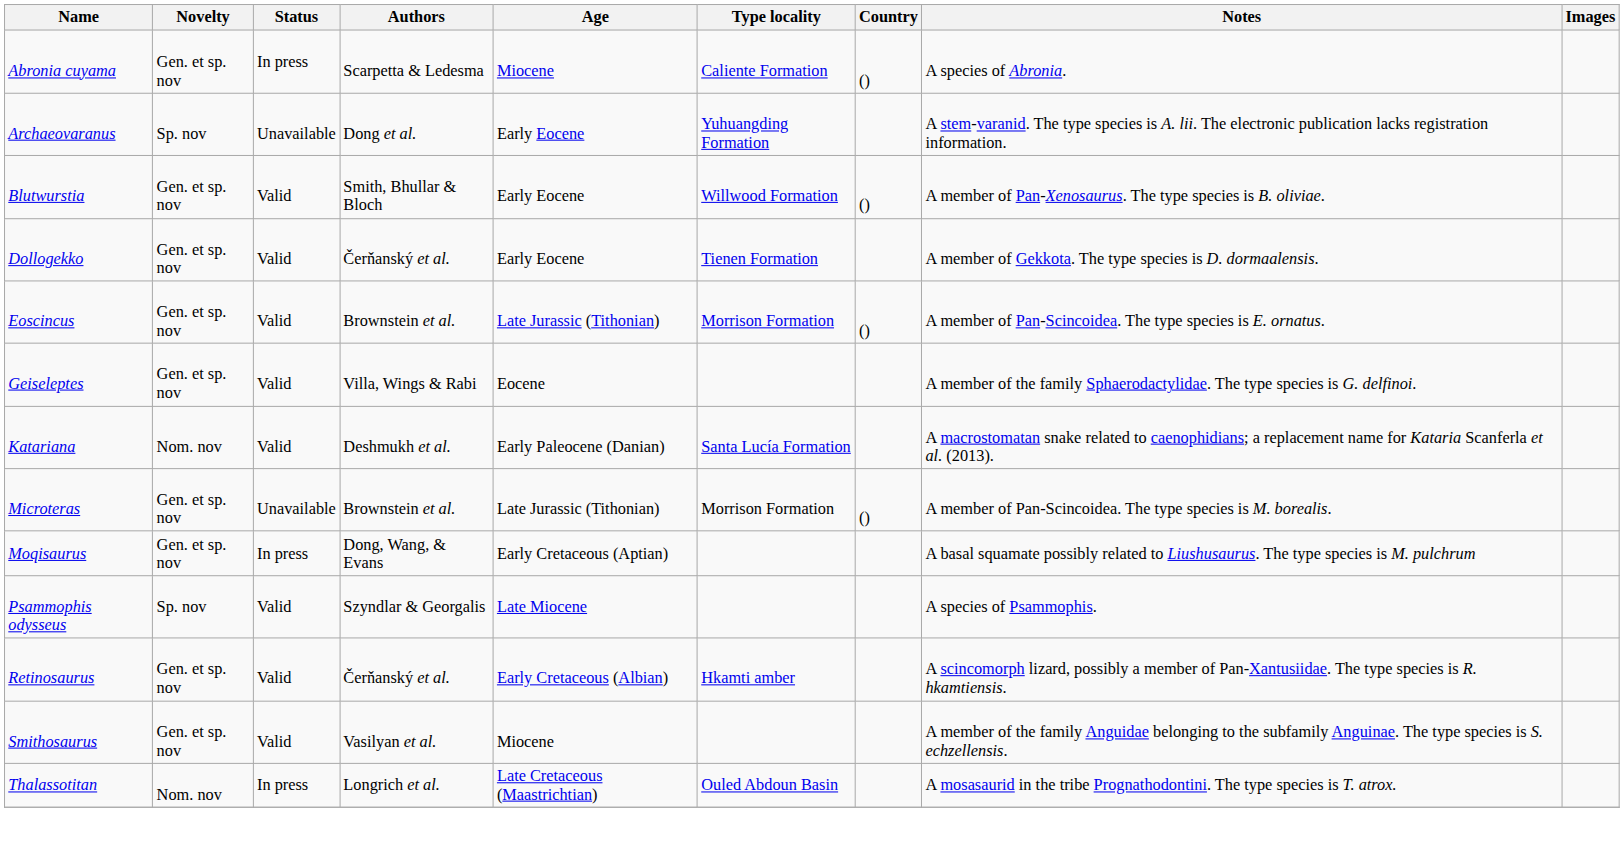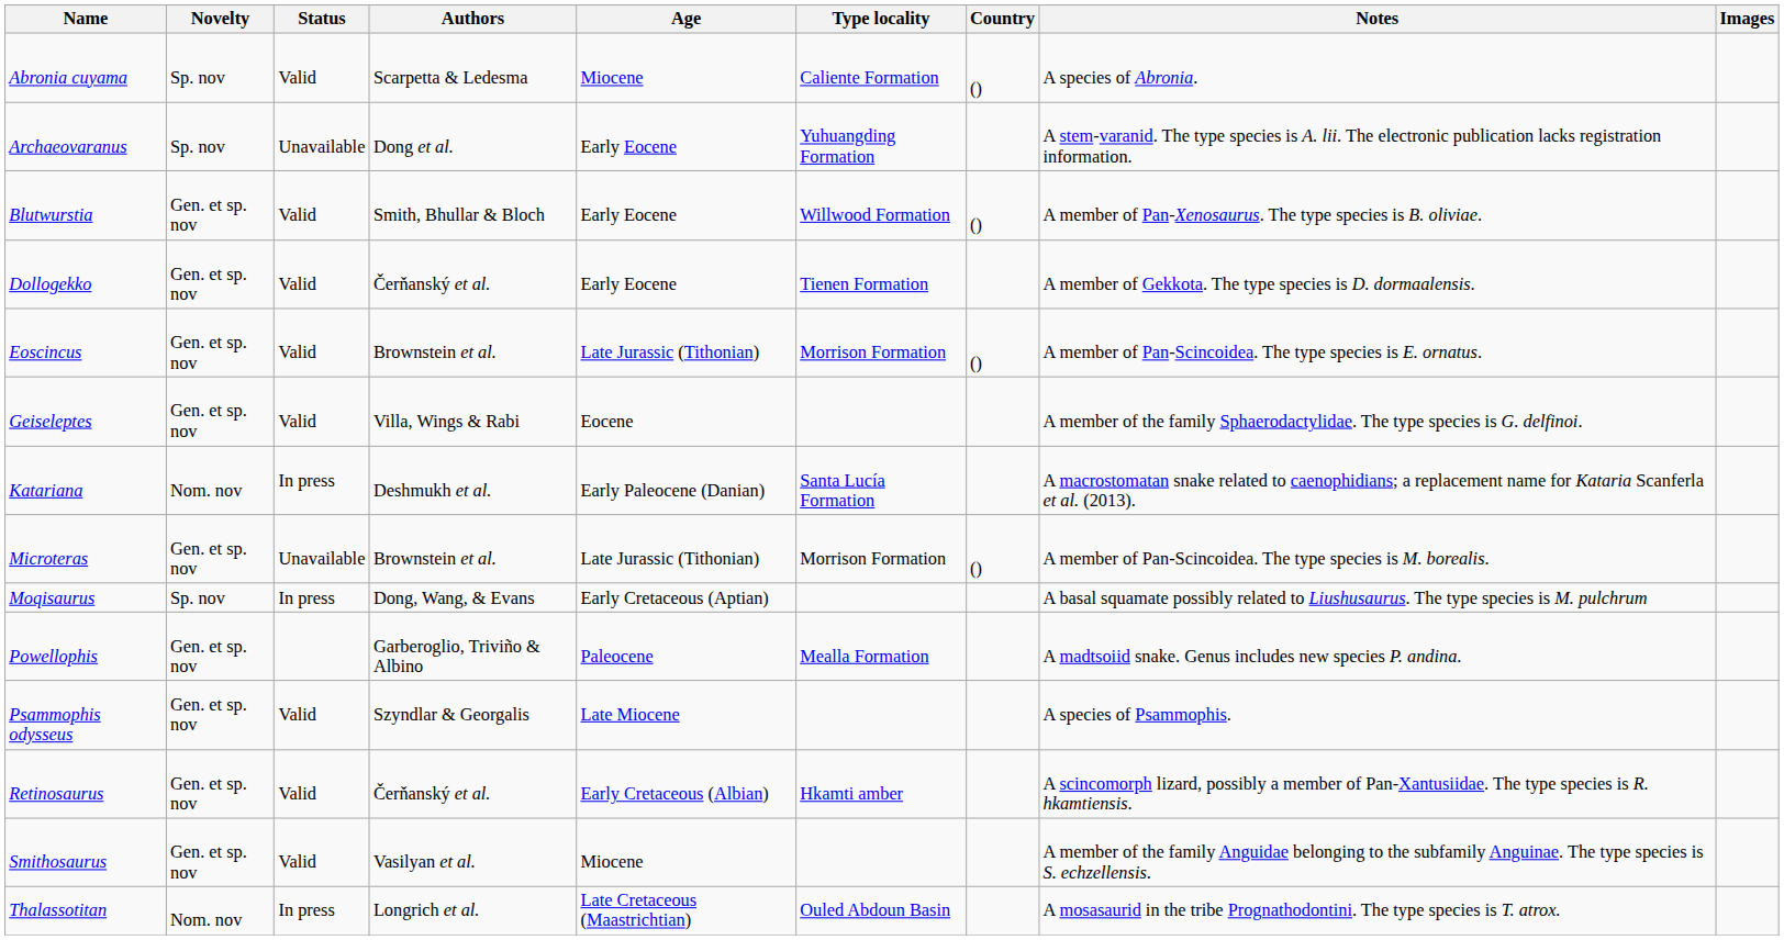 <table class="wikitable sortable" align="center" width="100%">
 <tr>
 <th>Name</th>
 <th>Novelty</th>
 <th>Status</th>
 <th>Authors</th>
 <th>Age</th>
 <th>Type locality</th>
 <th>Country</th>
 <th>Notes</th>
 <th>Images</th>
 </tr>
 <tr>
 <td><br><em><a href='#'>Abronia cuyama</a></em></td>
-<td><br>Gen. et sp. nov</td>
-<td>In press</td>
+<td><br>Sp. nov</td>
+<td><br>Valid</td>
 <td><br>Scarpetta & Ledesma</td>
 <td><br><a href='#'>Miocene</a></td>
 <td><br><a href='#'>Caliente Formation</a></td>
 <td><br><br>()</td>
 <td><br>A species of <em><a href='#'>Abronia</a></em>.</td>
 <td></td>
 </tr>
 <tr>
 <td><br><em><a href='#'>Archaeovaranus</a></em></td>
 <td><br>Sp. nov</td>
 <td><br>Unavailable</td>
 <td><br>Dong <em>et al.</em></td>
 <td><br>Early <a href='#'>Eocene</a></td>
 <td><br><a href='#'>Yuhuangding Formation</a></td>
 <td><br></td>
 <td><br>A <a href='#'>stem</a>-<a href='#'>varanid</a>. The type species is <em>A. lii</em>. The electronic publication lacks registration information.</td>
 <td></td>
 </tr>
 <tr>
 <td><br><em><a href='#'>Blutwurstia</a></em></td>
 <td><br>Gen. et sp. nov</td>
 <td><br>Valid</td>
 <td><br>Smith, Bhullar & Bloch</td>
 <td><br>Early Eocene</td>
 <td><br><a href='#'>Willwood Formation</a></td>
 <td><br><br>()</td>
 <td><br>A member of <a href='#'>Pan</a>-<em><a href='#'>Xenosaurus</a></em>. The type species is <em>B. oliviae</em>.</td>
 <td></td>
 </tr>
 <tr>
 <td><br><em><a href='#'>Dollogekko</a></em></td>
 <td><br>Gen. et sp. nov</td>
 <td><br>Valid</td>
 <td><br>Čerňanský <em>et al.</em></td>
 <td><br>Early Eocene</td>
 <td><br><a href='#'>Tienen Formation</a></td>
 <td><br></td>
 <td><br>A member of <a href='#'>Gekkota</a>. The type species is <em>D. dormaalensis</em>.</td>
 <td></td>
 </tr>
 <tr>
 <td><br><em><a href='#'>Eoscincus</a></em></td>
 <td><br>Gen. et sp. nov</td>
 <td><br>Valid</td>
 <td><br>Brownstein <em>et al.</em></td>
 <td><br><a href='#'>Late Jurassic</a> (<a href='#'>Tithonian</a>)</td>
 <td><br><a href='#'>Morrison Formation</a></td>
 <td><br><br>()</td>
 <td><br>A member of <a href='#'>Pan</a>-<a href='#'>Scincoidea</a>. The type species is <em>E. ornatus</em>.</td>
 <td></td>
 </tr>
 <tr>
 <td><br><em><a href='#'>Geiseleptes</a></em></td>
 <td><br>Gen. et sp. nov</td>
 <td><br>Valid</td>
 <td><br>Villa, Wings & Rabi</td>
 <td><br>Eocene</td>
 <td></td>
 <td><br></td>
 <td><br>A member of the family <a href='#'>Sphaerodactylidae</a>. The type species is <em>G. delfinoi</em>.</td>
 <td></td>
 </tr>
 <tr>
 <td><br><em><a href='#'>Katariana</a></em></td>
 <td><br>Nom. nov</td>
-<td><br>Valid</td>
+<td>In press</td>
 <td><br>Deshmukh <em>et al.</em></td>
 <td><br>Early Paleocene (Danian)</td>
 <td><br><a href='#'>Santa Lucía Formation</a></td>
 <td><br></td>
 <td><br>A <a href='#'>macrostomatan</a> snake related to <a href='#'>caenophidians</a>; a replacement name for <em>Kataria</em> Scanferla <em>et al.</em> (2013).</td>
 <td></td>
 </tr>
 <tr>
 <td><br><em><a href='#'>Microteras</a></em></td>
 <td><br>Gen. et sp. nov</td>
 <td><br>Unavailable</td>
 <td><br>Brownstein <em>et al.</em></td>
 <td><br>Late Jurassic (Tithonian)</td>
 <td><br>Morrison Formation</td>
 <td><br><br>()</td>
 <td><br>A member of Pan-Scincoidea. The type species is <em>M. borealis</em>.</td>
 <td></td>
 </tr>
 <tr>
 <td><em><a href='#'>Moqisaurus</a></em></td>
-<td>Gen. et sp. nov</td>
+<td>Sp. nov</td>
 <td>In press</td>
 <td>Dong, Wang, & Evans</td>
 <td>Early Cretaceous (Aptian)</td>
 <td></td>
 <td></td>
 <td>A basal squamate possibly related to <em><a href='#'>Liushusaurus</a></em>. The type species is <em>M. pulchrum</em></td>
 <td></td>
 </tr>
 <tr>
+<td><br><em><a href='#'>Powellophis</a></em></td>
+<td><br>Gen. et sp. nov</td>
+<td></td>
+<td><br>Garberoglio, Triviño & Albino</td>
+<td><br><a href='#'>Paleocene</a></td>
+<td><br><a href='#'>Mealla Formation</a></td>
+<td><br></td>
+<td><br>A <a href='#'>madtsoiid</a> snake. Genus includes new species <em>P. andina</em>.</td>
+<td></td>
+</tr>
+<tr>
 <td><br><em><a href='#'>Psammophis odysseus</a></em></td>
-<td>Sp. nov</td>
+<td>Gen. et sp. nov</td>
 <td>Valid</td>
 <td>Szyndlar & Georgalis</td>
 <td><a href='#'>Late Miocene</a></td>
 <td></td>
 <td></td>
 <td>A species of <a href='#'>Psammophis</a>.</td>
 <td></td>
 </tr>
 <tr>
 <td><br><em><a href='#'>Retinosaurus</a></em></td>
 <td><br>Gen. et sp. nov</td>
 <td><br>Valid</td>
 <td><br>Čerňanský <em>et al.</em></td>
 <td><br><a href='#'>Early Cretaceous</a> (<a href='#'>Albian</a>)</td>
 <td><br><a href='#'>Hkamti amber</a></td>
 <td><br></td>
 <td><br>A <a href='#'>scincomorph</a> lizard, possibly a member of Pan-<a href='#'>Xantusiidae</a>. The type species is <em>R. hkamtiensis</em>.</td>
 <td></td>
 </tr>
 <tr>
 <td><br><em><a href='#'>Smithosaurus</a></em></td>
 <td><br>Gen. et sp. nov</td>
 <td><br>Valid</td>
 <td><br>Vasilyan <em>et al.</em></td>
 <td><br>Miocene</td>
 <td></td>
 <td><br><br> </td>
 <td><br>A member of the family <a href='#'>Anguidae</a> belonging to the subfamily <a href='#'>Anguinae</a>. The type species is <em>S. echzellensis</em>.</td>
 <td></td>
 </tr>
 <tr>
 <td><em><a href='#'>Thalassotitan</a></em></td>
 <td><br>Nom. nov</td>
 <td>In press</td>
 <td>Longrich <em>et al.</em></td>
 <td><a href='#'>Late Cretaceous</a> (<a href='#'>Maastrichtian</a>)</td>
 <td><a href='#'>Ouled Abdoun Basin</a></td>
 <td></td>
 <td>A <a href='#'>mosasaurid</a> in the tribe <a href='#'>Prognathodontini</a>. The type species is <em>T. atrox.</em></td>
 <td></td>
 </tr>
 <tr>
 </tr>
 </table>
